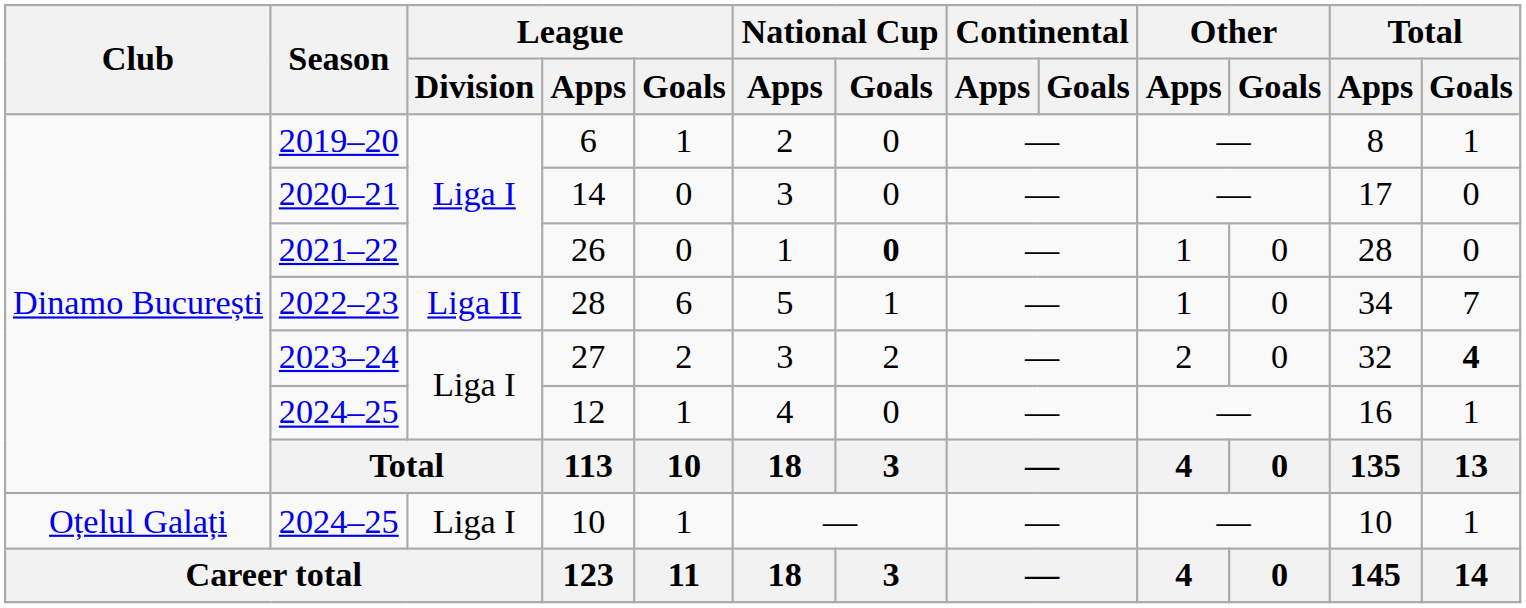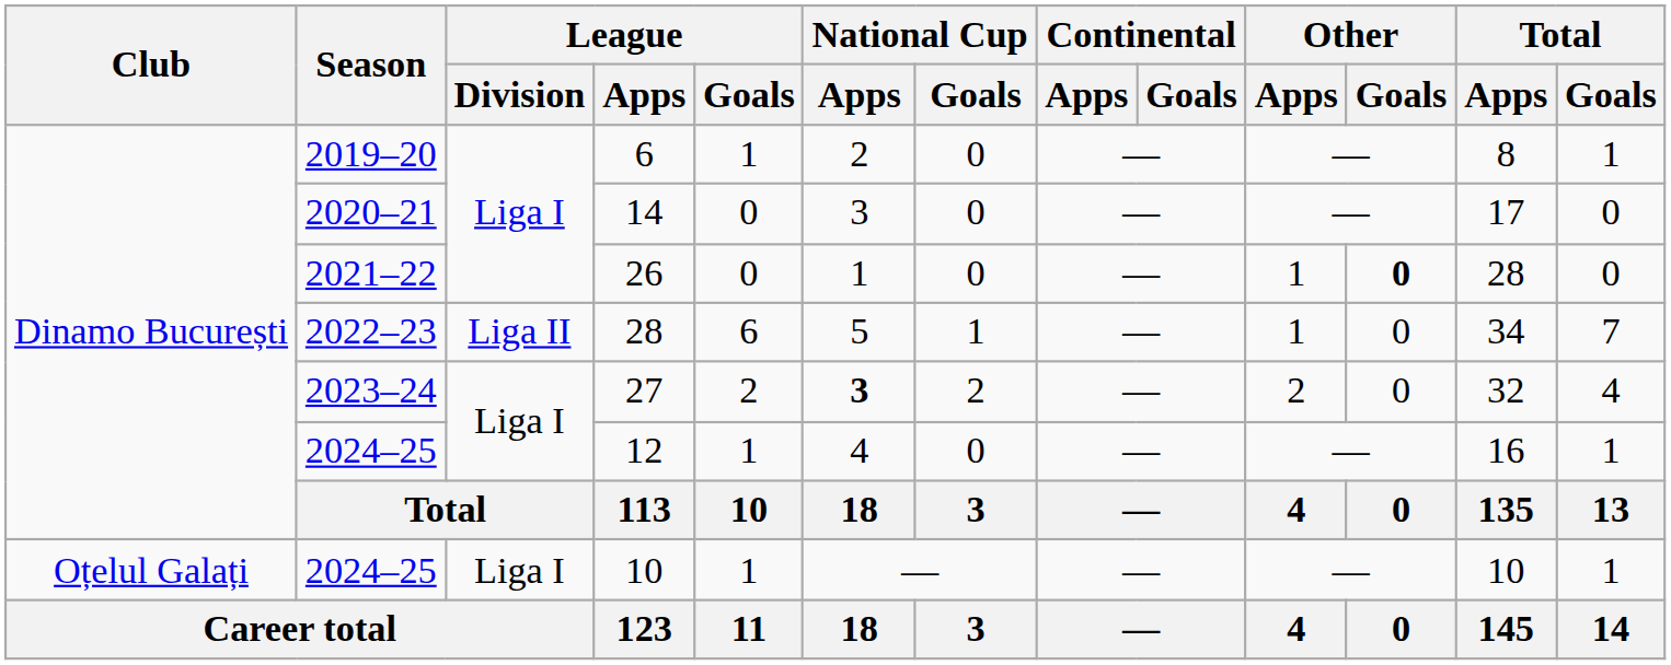 <table class=wikitable style=text-align:center>
 <tr>
 <th rowspan=2>Club</th>
 <th rowspan=2>Season</th>
 <th colspan=3>League</th>
 <th colspan=2>National Cup</th>
 <th colspan=2>Continental</th>
 <th colspan=2>Other</th>
 <th colspan=2>Total</th>
 </tr>
 <tr>
 <th>Division</th>
 <th>Apps</th>
 <th>Goals</th>
 <th>Apps</th>
 <th>Goals</th>
 <th>Apps</th>
 <th>Goals</th>
 <th>Apps</th>
 <th>Goals</th>
 <th>Apps</th>
 <th>Goals</th>
 </tr>
 <tr>
 <td rowspan="7"><a href='#'>Dinamo București</a></td>
 <td><a href='#'>2019–20</a></td>
 <td rowspan="3"><a href='#'>Liga I</a></td>
 <td>6</td>
 <td>1</td>
 <td>2</td>
 <td>0</td>
 <td colspan="2">—</td>
 <td colspan="2">—</td>
 <td>8</td>
 <td>1</td>
 </tr>
 <tr>
 <td><a href='#'>2020–21</a></td>
 <td>14</td>
 <td>0</td>
 <td>3</td>
 <td>0</td>
 <td colspan="2">—</td>
 <td colspan="2">—</td>
 <td>17</td>
 <td>0</td>
 </tr>
 <tr>
 <td><a href='#'>2021–22</a></td>
 <td>26</td>
 <td>0</td>
 <td>1</td>
-<td><strong>0</strong></td>
+<td>0</td>
 <td colspan="2">—</td>
 <td>1</td>
-<td>0</td>
+<td><strong>0</strong></td>
 <td>28</td>
 <td>0</td>
 </tr>
 <tr>
 <td><a href='#'>2022–23</a></td>
 <td><a href='#'>Liga II</a></td>
 <td>28</td>
 <td>6</td>
 <td>5</td>
 <td>1</td>
 <td colspan="2">—</td>
 <td>1</td>
 <td>0</td>
 <td>34</td>
 <td>7</td>
 </tr>
 <tr>
 <td><a href='#'>2023–24</a></td>
 <td rowspan="2">Liga I</td>
 <td>27</td>
 <td>2</td>
-<td>3</td>
+<td><strong>3</strong></td>
 <td>2</td>
 <td colspan="2">—</td>
 <td>2</td>
 <td>0</td>
 <td>32</td>
-<td><strong>4</strong></td>
+<td>4</td>
 </tr>
 <tr>
 <td><a href='#'>2024–25</a></td>
 <td>12</td>
 <td>1</td>
 <td>4</td>
 <td>0</td>
 <td colspan="2">—</td>
 <td colspan="2">—</td>
 <td>16</td>
 <td>1</td>
 </tr>
 <tr>
 <th colspan="2">Total</th>
 <th>113</th>
 <th>10</th>
 <th>18</th>
 <th>3</th>
 <th colspan="2">—</th>
 <th>4</th>
 <th>0</th>
 <th>135</th>
 <th>13</th>
 </tr>
 <tr>
 <td rowspan="1"><a href='#'>Oțelul Galați</a></td>
 <td><a href='#'>2024–25</a></td>
 <td rowspan="1">Liga I</td>
 <td>10</td>
 <td>1</td>
 <td colspan="2">—</td>
 <td colspan="2">—</td>
 <td colspan="2">—</td>
 <td>10</td>
 <td>1</td>
 </tr>
 <tr>
 <th colspan="3">Career total</th>
 <th>123</th>
 <th>11</th>
 <th>18</th>
 <th>3</th>
 <th colspan="2">—</th>
 <th>4</th>
 <th>0</th>
 <th>145</th>
 <th>14</th>
 </tr>
 </table>
